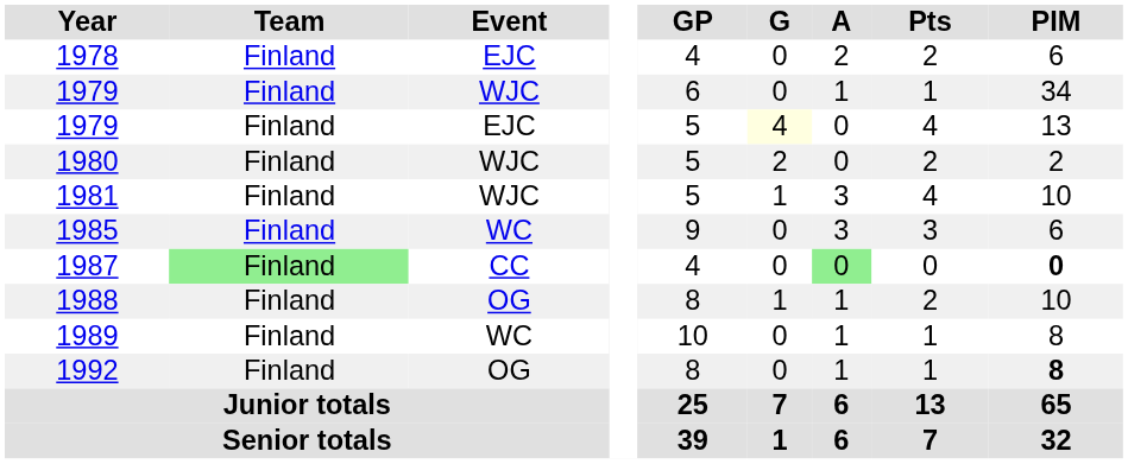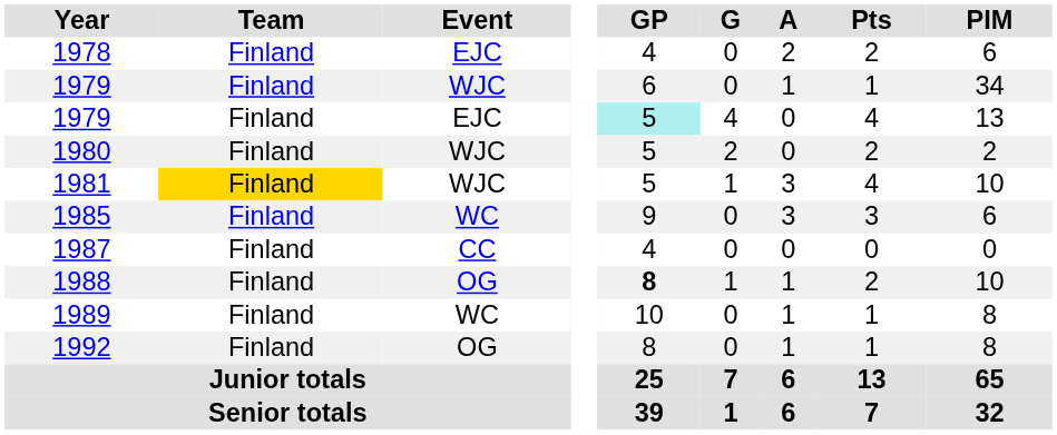 <table border="0" cellpadding="1" cellspacing="0" style="text-align:center; width:40em">
 <tr ALIGN="center" bgcolor="#e0e0e0">
 <th>Year</th>
 <th>Team</th>
 <th>Event</th>
 <th rowspan="99" bgcolor="#ffffff"> </th>
 <th>GP</th>
 <th>G</th>
 <th>A</th>
 <th>Pts</th>
 <th>PIM</th>
 </tr>
 <tr>
 <td><a href='#'>1978</a></td>
 <td><a href='#'>Finland</a></td>
 <td><a href='#'>EJC</a></td>
 <td>4</td>
 <td>0</td>
 <td>2</td>
 <td>2</td>
 <td>6</td>
 </tr>
 <tr bgcolor="#f0f0f0">
 <td><a href='#'>1979</a></td>
 <td><a href='#'>Finland</a></td>
 <td><a href='#'>WJC</a></td>
 <td>6</td>
 <td>0</td>
 <td>1</td>
 <td>1</td>
 <td>34</td>
 </tr>
 <tr>
 <td><a href='#'>1979</a></td>
 <td>Finland</td>
 <td>EJC</td>
-<td>5</td>
-<td style="background: lightyellow;">4</td>
+<td style="background: paleturquoise;">5</td>
+<td>4</td>
 <td>0</td>
 <td>4</td>
 <td>13</td>
 </tr>
 <tr bgcolor="#f0f0f0">
 <td><a href='#'>1980</a></td>
 <td>Finland</td>
 <td>WJC</td>
 <td>5</td>
 <td>2</td>
 <td>0</td>
 <td>2</td>
 <td>2</td>
 </tr>
 <tr>
 <td><a href='#'>1981</a></td>
-<td>Finland</td>
+<td style="background: gold;">Finland</td>
 <td>WJC</td>
 <td>5</td>
 <td>1</td>
 <td>3</td>
 <td>4</td>
 <td>10</td>
 </tr>
 <tr bgcolor="#f0f0f0">
 <td><a href='#'>1985</a></td>
 <td><a href='#'>Finland</a></td>
 <td><a href='#'>WC</a></td>
 <td>9</td>
 <td>0</td>
 <td>3</td>
 <td>3</td>
 <td>6</td>
 </tr>
 <tr>
 <td><a href='#'>1987</a></td>
-<td style="background: lightgreen;">Finland</td>
+<td>Finland</td>
 <td><a href='#'>CC</a></td>
 <td>4</td>
 <td>0</td>
-<td style="background: lightgreen;">0</td>
 <td>0</td>
-<td><strong>0</strong></td>
+<td>0</td>
+<td>0</td>
 </tr>
 <tr bgcolor="#f0f0f0">
 <td><a href='#'>1988</a></td>
 <td>Finland</td>
 <td><a href='#'>OG</a></td>
-<td>8</td>
+<td><strong>8</strong></td>
 <td>1</td>
 <td>1</td>
 <td>2</td>
 <td>10</td>
 </tr>
 <tr>
 <td><a href='#'>1989</a></td>
 <td>Finland</td>
 <td>WC</td>
 <td>10</td>
 <td>0</td>
 <td>1</td>
 <td>1</td>
 <td>8</td>
 </tr>
 <tr bgcolor="#f0f0f0">
 <td><a href='#'>1992</a></td>
 <td>Finland</td>
 <td>OG</td>
 <td>8</td>
 <td>0</td>
 <td>1</td>
 <td>1</td>
-<td><strong>8</strong></td>
+<td>8</td>
 </tr>
 <tr bgcolor="#e0e0e0">
 <th colspan=3>Junior totals</th>
 <th>25</th>
 <th>7</th>
 <th>6</th>
 <th>13</th>
 <th>65</th>
 </tr>
 <tr bgcolor="#e0e0e0">
 <th colspan=3>Senior totals</th>
 <th>39</th>
 <th>1</th>
 <th>6</th>
 <th>7</th>
 <th>32</th>
 </tr>
 </table>
